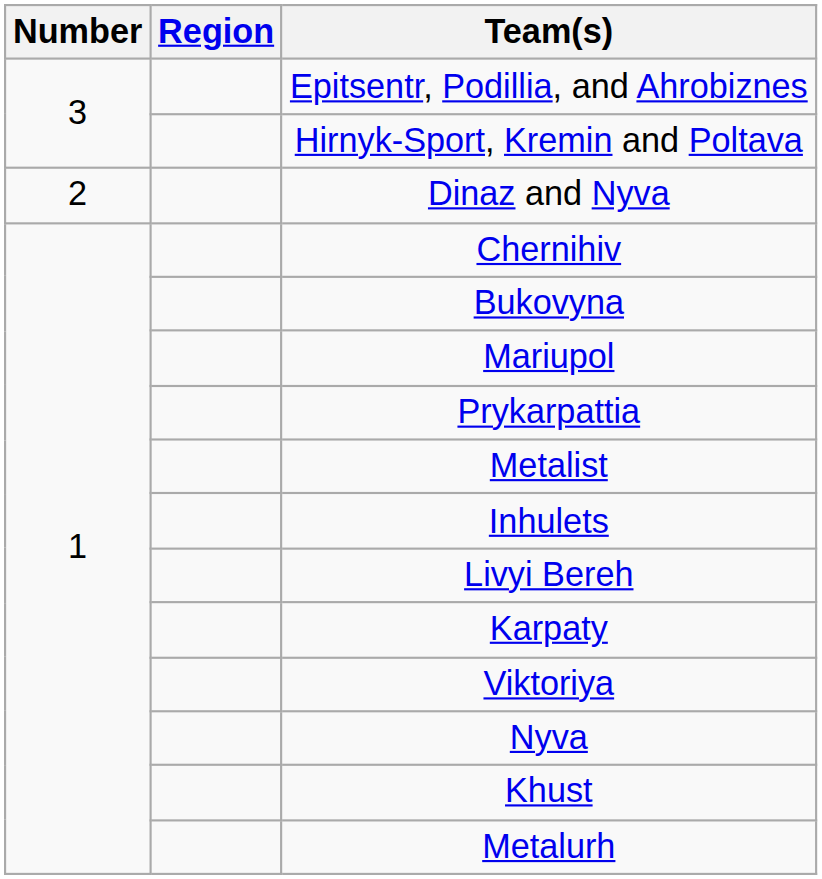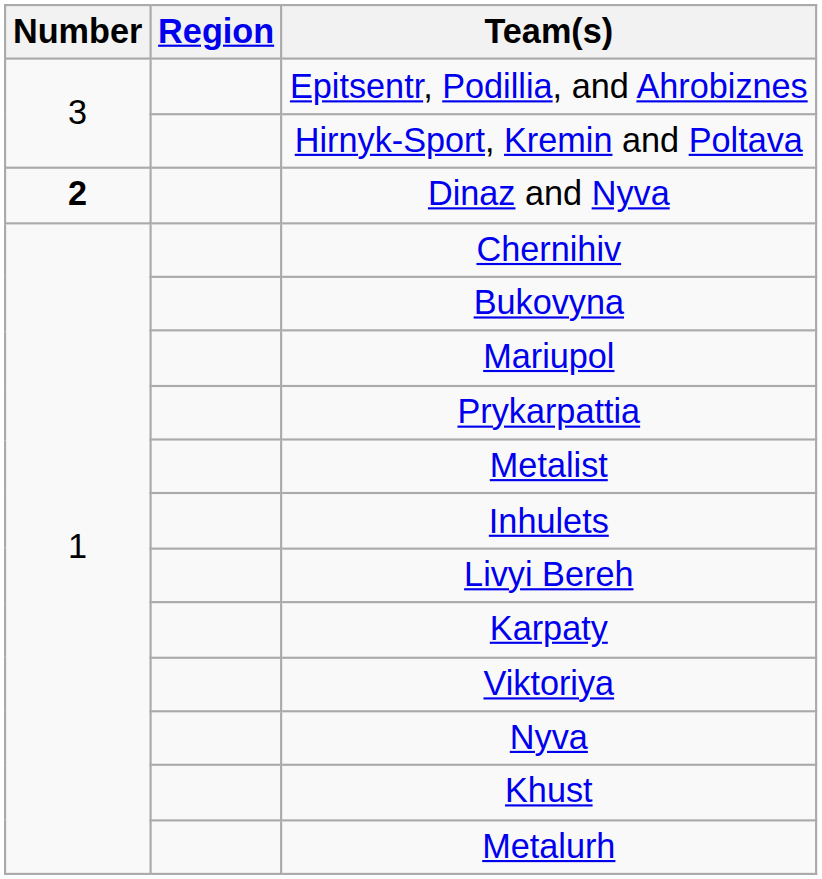 <table class="wikitable" style="text-align:center">
 <tr>
 <th>Number</th>
 <th><a href='#'>Region</a></th>
 <th>Team(s)</th>
 </tr>
 <tr>
 <td rowspan="2">3</td>
 <td align="left"></td>
 <td><a href='#'>Epitsentr</a>, <a href='#'>Podillia</a>, and <a href='#'>Ahrobiznes</a></td>
 </tr>
 <tr>
 <td align="left"></td>
 <td><a href='#'>Hirnyk-Sport</a>, <a href='#'>Kremin</a> and <a href='#'>Poltava</a></td>
 </tr>
 <tr>
-<td rowspan="1">2</td>
+<td rowspan="1"><strong>2</strong></td>
 <td align="left"></td>
 <td><a href='#'>Dinaz</a> and <a href='#'>Nyva</a></td>
 </tr>
 <tr>
 <td rowspan="13">1</td>
 <td align="left"></td>
 <td><a href='#'>Chernihiv</a></td>
 </tr>
 <tr>
 <td align="left"></td>
 <td><a href='#'>Bukovyna</a></td>
 </tr>
 <tr>
 <td align="left"></td>
 <td><a href='#'>Mariupol</a></td>
 </tr>
 <tr>
 <td align="left"></td>
 <td><a href='#'>Prykarpattia</a></td>
 </tr>
 <tr>
 <td align="left"></td>
 <td><a href='#'>Metalist</a></td>
 </tr>
 <tr>
 <td align="left"></td>
 <td><a href='#'>Inhulets</a></td>
 </tr>
 <tr>
 <td align="left"></td>
 <td><a href='#'>Livyi Bereh</a></td>
 </tr>
 <tr>
 <td align="left"></td>
 <td><a href='#'>Karpaty</a></td>
 </tr>
 <tr>
 <td align="left"></td>
 <td><a href='#'>Viktoriya</a></td>
 </tr>
 <tr>
 <td align="left"></td>
 <td><a href='#'>Nyva</a></td>
 </tr>
 <tr>
 <td align="left"></td>
 <td><a href='#'>Khust</a></td>
 </tr>
 <tr>
 <td align="left"></td>
 <td><a href='#'>Metalurh</a></td>
 </tr>
 </table>
